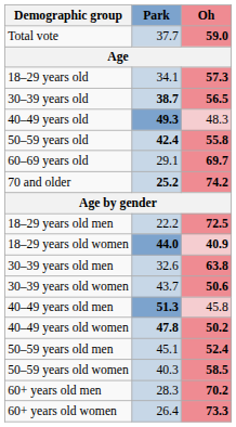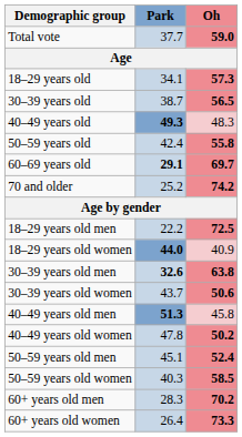 <table class="wikitable sortable" style="font-size:90%;">
 <tr>
 <th>Demographic group</th>
 <th style="background-color: rgba(0, 78, 162, 0.5); width: 50px;">Park</th>
 <th style="background-color: rgba(230, 30, 43, 0.5); width: 50px;">Oh</th>
 </tr>
 <tr>
 <td>Total vote</td>
 <td style="text-align: right; background-color: rgba(0, 78, 162, 0.2);">37.7</td>
 <td style="text-align: right; background-color: rgba(230, 30, 43, 0.5);"><strong>59.0</strong></td>
 </tr>
 <tr>
 <th colspan="3">Age</th>
 </tr>
 <tr>
 <td>18–29 years old</td>
 <td style="text-align: right; background-color: rgba(0, 78, 162, 0.2);">34.1</td>
 <td style="text-align: right; background-color: rgba(230, 30, 43, 0.5);"><strong>57.3</strong></td>
 </tr>
 <tr>
 <td>30–39 years old</td>
-<td style="text-align: right; background-color: rgba(0, 78, 162, 0.2);"><strong>38.7</strong></td>
+<td style="text-align: right; background-color: rgba(0, 78, 162, 0.2);">38.7</td>
 <td style="text-align: right; background-color: rgba(230, 30, 43, 0.5);"><strong>56.5</strong></td>
 </tr>
 <tr>
 <td>40–49 years old</td>
 <td style="text-align: right; background-color: rgba(0, 78, 162, 0.5);"><strong>49.3</strong></td>
 <td style="text-align: right; background-color: rgba(230, 30, 43, 0.2);">48.3</td>
 </tr>
 <tr>
 <td>50–59 years old</td>
-<td style="text-align: right; background-color: rgba(0, 78, 162, 0.2);"><strong>42.4</strong></td>
+<td style="text-align: right; background-color: rgba(0, 78, 162, 0.2);">42.4</td>
 <td style="text-align: right; background-color: rgba(230, 30, 43, 0.5);"><strong>55.8</strong></td>
 </tr>
 <tr>
 <td>60–69 years old</td>
-<td style="text-align: right; background-color: rgba(0, 78, 162, 0.2);">29.1</td>
+<td style="text-align: right; background-color: rgba(0, 78, 162, 0.2);"><strong>29.1</strong></td>
 <td style="text-align: right; background-color: rgba(230, 30, 43, 0.5);"><strong>69.7</strong></td>
 </tr>
 <tr>
 <td>70 and older</td>
-<td style="text-align: right; background-color: rgba(0, 78, 162, 0.2);"><strong>25.2</strong></td>
+<td style="text-align: right; background-color: rgba(0, 78, 162, 0.2);">25.2</td>
 <td style="text-align: right; background-color: rgba(230, 30, 43, 0.5);"><strong>74.2</strong></td>
 </tr>
 <tr>
 <th colspan="3">Age by gender</th>
 </tr>
 <tr>
 <td>18–29 years old men</td>
 <td style="text-align:right; background-color: rgba(0, 78, 162, 0.2);">22.2</td>
 <td style="text-align:right; background-color: rgba(230, 30, 43, 0.5);"><strong>72.5</strong></td>
 </tr>
 <tr>
 <td>18–29 years old women</td>
 <td style="text-align: right; background-color: rgba(0, 78, 162, 0.5);"><strong>44.0</strong></td>
-<td style="text-align: right; background-color: rgba(230, 30, 43, 0.2);"><strong>40.9</strong></td>
+<td style="text-align: right; background-color: rgba(230, 30, 43, 0.2);">40.9</td>
 </tr>
 <tr>
 <td>30–39 years old men</td>
-<td style="text-align: right; background-color: rgba(0, 78, 162, 0.2);">32.6</td>
+<td style="text-align: right; background-color: rgba(0, 78, 162, 0.2);"><strong>32.6</strong></td>
 <td style="text-align: right; background-color: rgba(230, 30, 43, 0.5);"><strong>63.8</strong></td>
 </tr>
 <tr>
 <td>30–39 years old women</td>
 <td style="text-align: right; background-color: rgba(0, 78, 162, 0.2);">43.7</td>
 <td style="text-align: right; background-color: rgba(230, 30, 43, 0.5);"><strong>50.6</strong></td>
 </tr>
 <tr>
 <td>40–49 years old men</td>
 <td style="text-align: right; background-color: rgba(0, 78, 162, 0.5);"><strong>51.3</strong></td>
 <td style="text-align: right; background-color: rgba(230, 30, 43, 0.2);">45.8</td>
 </tr>
 <tr>
 <td>40–49 years old women</td>
-<td style="text-align: right; background-color: rgba(0, 78, 162, 0.2);"><strong>47.8</strong></td>
+<td style="text-align: right; background-color: rgba(0, 78, 162, 0.2);">47.8</td>
 <td style="text-align: right; background-color: rgba(230, 30, 43, 0.5);"><strong>50.2</strong></td>
 </tr>
 <tr>
 <td>50–59 years old men</td>
 <td style="text-align: right; background-color: rgba(0, 78, 162, 0.2);">45.1</td>
 <td style="text-align: right; background-color: rgba(230, 30, 43, 0.5);"><strong>52.4</strong></td>
 </tr>
 <tr>
 <td>50–59 years old women</td>
 <td style="text-align: right; background-color: rgba(0, 78, 162, 0.2);">40.3</td>
 <td style="text-align: right; background-color: rgba(230, 30, 43, 0.5);"><strong>58.5</strong></td>
 </tr>
 <tr>
 <td>60+ years old men</td>
 <td style="text-align: right; background-color: rgba(0, 78, 162, 0.2);">28.3</td>
 <td style="text-align: right; background-color: rgba(230, 30, 43, 0.5);"><strong>70.2</strong></td>
 </tr>
 <tr>
 <td>60+ years old women</td>
 <td style="text-align: right; background-color: rgba(0, 78, 162, 0.2);">26.4</td>
 <td style="text-align: right; background-color: rgba(230, 30, 43, 0.5);"><strong>73.3</strong></td>
 </tr>
 </table>
